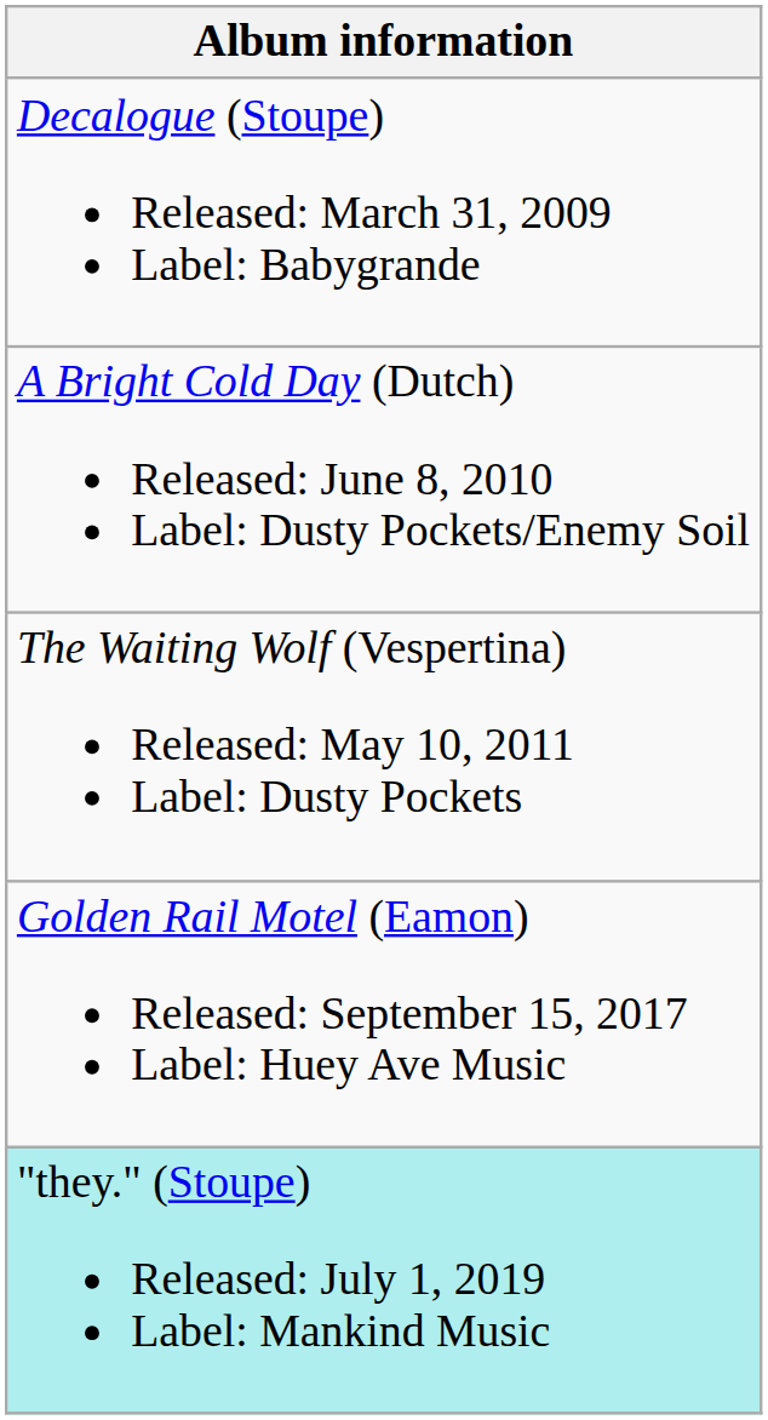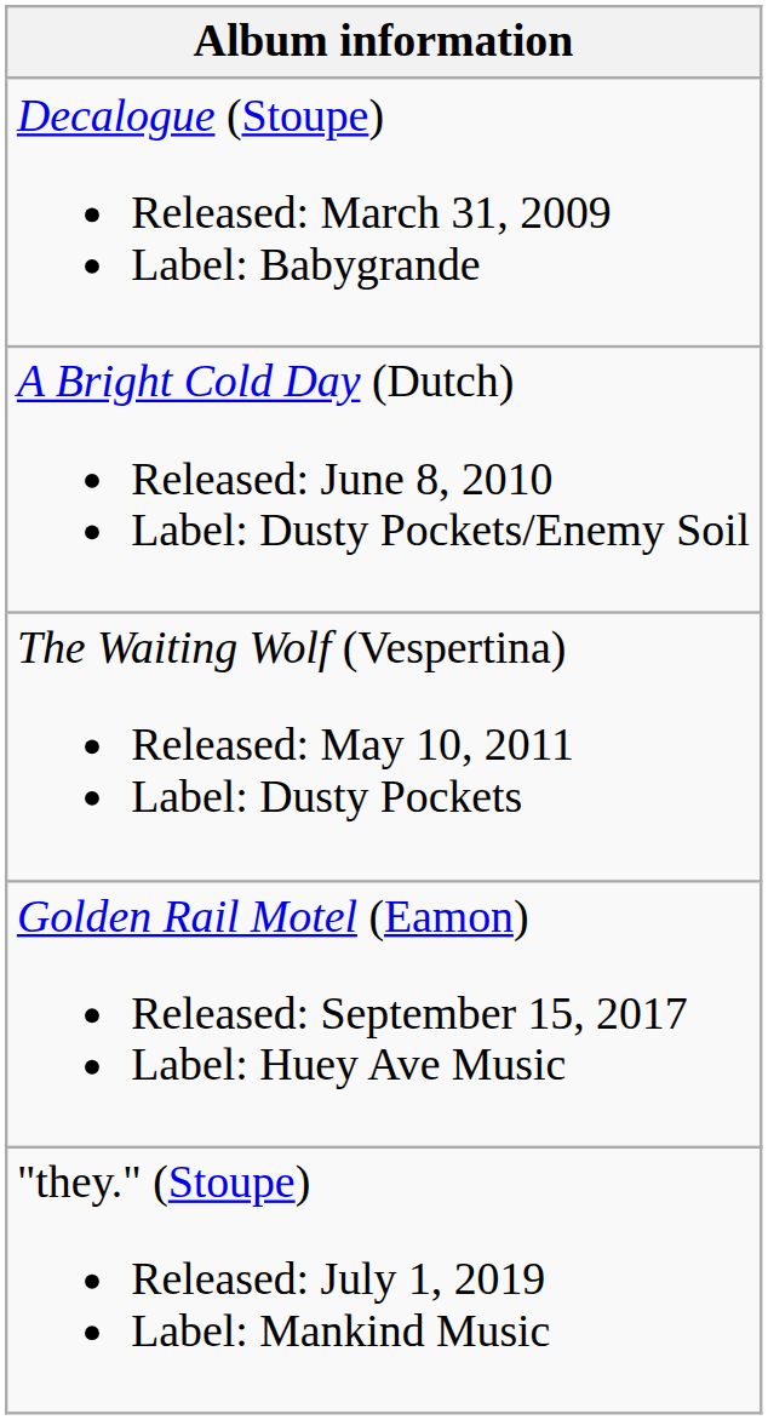 <table class="wikitable">
 <tr>
 <th align="left">Album information</th>
 </tr>
 <tr>
 <td><em><a href='#'>Decalogue</a></em> (<a href='#'>Stoupe</a>)<br><ul><li>Released: March 31, 2009</li><li>Label: Babygrande</li></ul></td>
 </tr>
 <tr>
 <td><em><a href='#'>A Bright Cold Day</a></em> (Dutch)<br><ul><li>Released: June 8, 2010</li><li>Label: Dusty Pockets/Enemy Soil</li></ul></td>
 </tr>
 <tr>
 <td><em>The Waiting Wolf</em> (Vespertina)<br><ul><li>Released: May 10, 2011</li><li>Label: Dusty Pockets</li></ul></td>
 </tr>
 <tr>
 <td><em><a href='#'>Golden Rail Motel</a></em> (<a href='#'>Eamon</a>)<br><ul><li>Released: September 15, 2017</li><li>Label: Huey Ave Music</li></ul></td>
 </tr>
 <tr>
-<td style="background: paleturquoise;">"they." (<a href='#'>Stoupe</a>)<br><ul><li>Released: July 1, 2019</li><li>Label: Mankind Music</li></ul></td>
+<td>"they." (<a href='#'>Stoupe</a>)<br><ul><li>Released: July 1, 2019</li><li>Label: Mankind Music</li></ul></td>
 </tr>
 </table>
